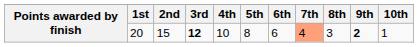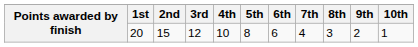 <table class="wikitable" width="100%" align=center style="font-size:90%; max-width: 500px;">
 <tr>
 </tr>
 <tr style="background:#efefef;">
 <th rowspan=2 width=30%>Points awarded by finish</th>
 <th>1st</th>
 <th>2nd</th>
 <th>3rd</th>
 <th>4th</th>
 <th>5th</th>
 <th>6th</th>
 <th>7th</th>
 <th>8th</th>
 <th>9th</th>
 <th>10th</th>
 </tr>
 <tr>
 <td>20</td>
 <td>15</td>
-<td><strong>12</strong></td>
+<td>12</td>
 <td>10</td>
 <td>8</td>
 <td>6</td>
-<td style="background: lightsalmon;">4</td>
+<td>4</td>
 <td>3</td>
-<td><strong>2</strong></td>
+<td>2</td>
 <td>1</td>
 </tr>
 </table>
